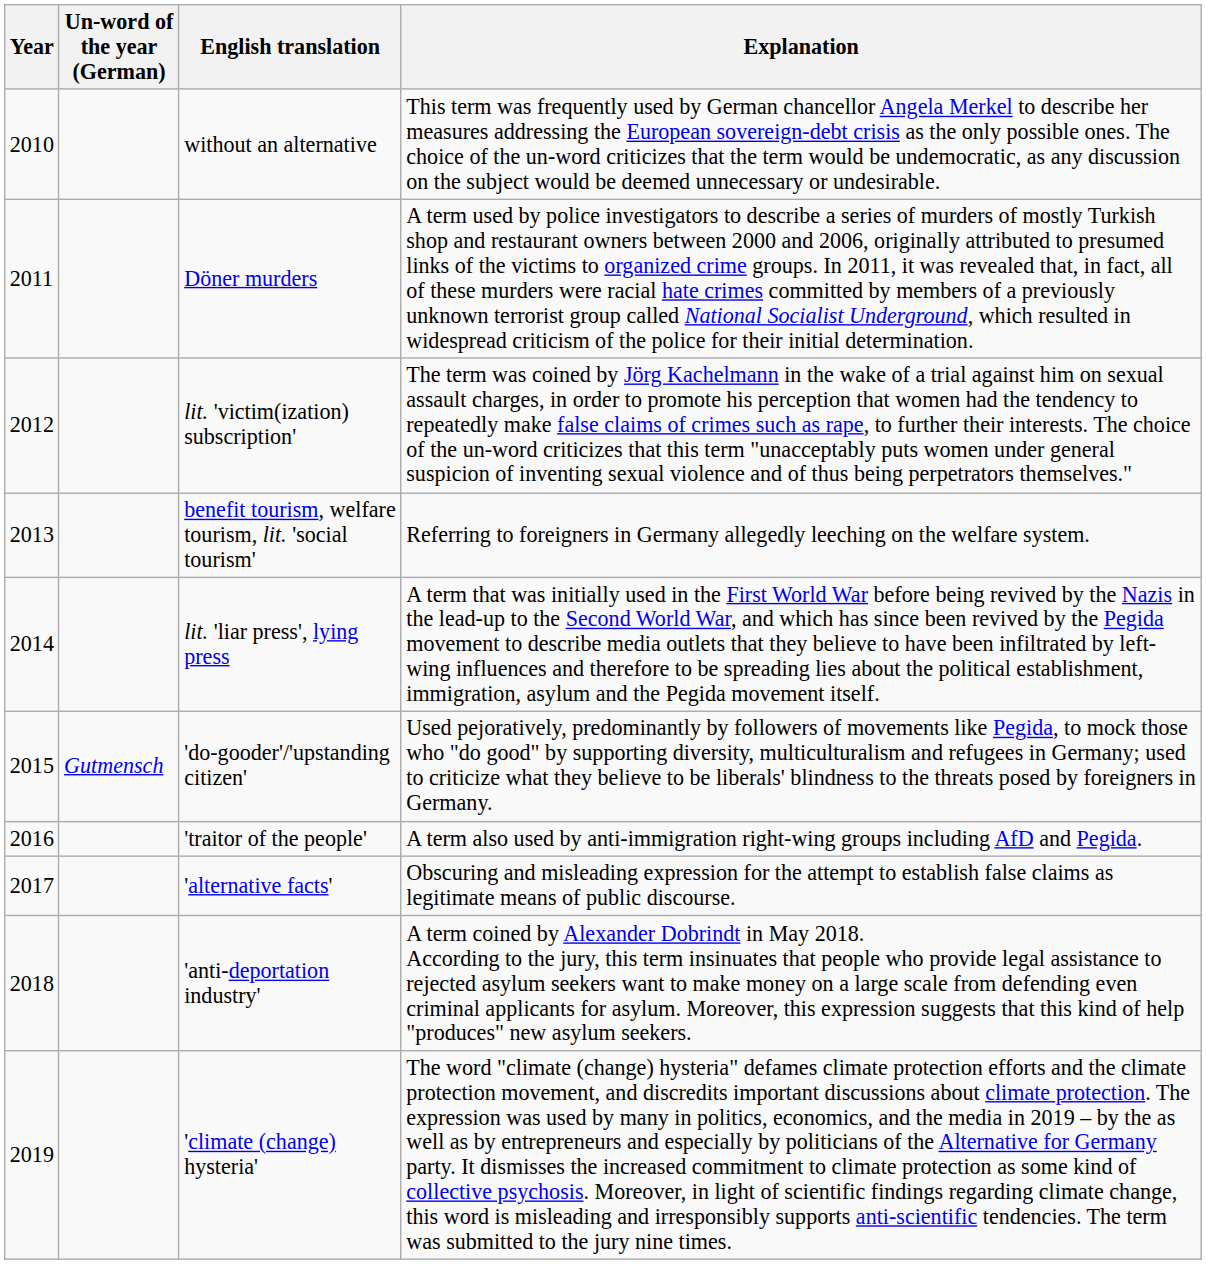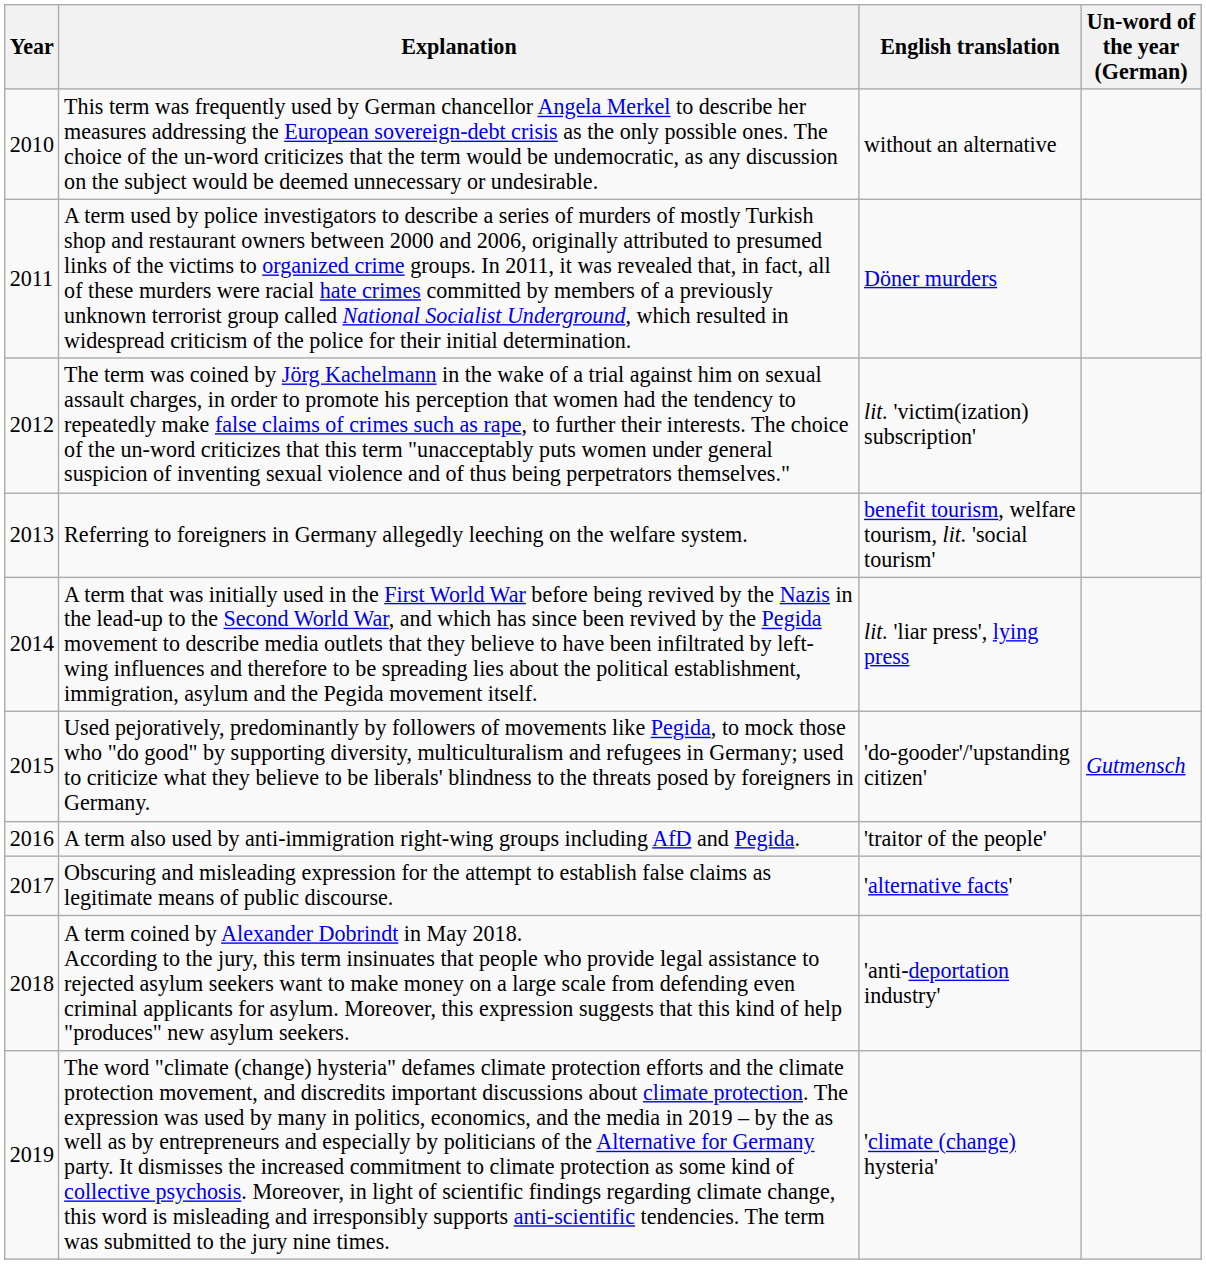 <table class="wikitable">
 <tr>
 <th>Year</th>
+<th>Explanation</th>
+<th>English translation</th>
 <th>Un-word of the year<br>(German)</th>
-<th>English translation</th>
-<th>Explanation</th>
 </tr>
 <tr>
 <td>2010</td>
+<td>This term was frequently used by German chancellor <a href='#'>Angela Merkel</a> to describe her measures addressing the <a href='#'>European sovereign-debt crisis</a> as the only possible ones. The choice of the un-word criticizes that the term would be undemocratic, as any discussion on the subject would be deemed unnecessary or undesirable. </td>
+<td>without an alternative</td>
 <td></td>
-<td>without an alternative</td>
-<td>This term was frequently used by German chancellor <a href='#'>Angela Merkel</a> to describe her measures addressing the <a href='#'>European sovereign-debt crisis</a> as the only possible ones. The choice of the un-word criticizes that the term would be undemocratic, as any discussion on the subject would be deemed unnecessary or undesirable. </td>
 </tr>
 <tr>
 <td>2011</td>
+<td>A term used by police investigators to describe a series of murders of mostly Turkish shop and restaurant owners between 2000 and 2006, originally attributed to presumed links of the victims to <a href='#'>organized crime</a> groups. In 2011, it was revealed that, in fact, all of these murders were racial <a href='#'>hate crimes</a> committed by members of a previously unknown terrorist group called <em><a href='#'>National Socialist Underground</a></em>, which resulted in widespread criticism of the police for their initial determination.</td>
+<td><a href='#'>Döner murders</a></td>
 <td></td>
-<td><a href='#'>Döner murders</a></td>
-<td>A term used by police investigators to describe a series of murders of mostly Turkish shop and restaurant owners between 2000 and 2006, originally attributed to presumed links of the victims to <a href='#'>organized crime</a> groups. In 2011, it was revealed that, in fact, all of these murders were racial <a href='#'>hate crimes</a> committed by members of a previously unknown terrorist group called <em><a href='#'>National Socialist Underground</a></em>, which resulted in widespread criticism of the police for their initial determination.</td>
 </tr>
 <tr>
 <td>2012</td>
+<td>The term was coined by <a href='#'>Jörg Kachelmann</a> in the wake of a trial against him on sexual assault charges, in order to promote his perception that women had the tendency to repeatedly make <a href='#'>false claims of crimes such as rape</a>, to further their interests. The choice of the un-word criticizes that this term "unacceptably puts women under general suspicion of inventing sexual violence and of thus being perpetrators themselves."</td>
+<td><em>lit.</em> 'victim(ization) subscription'</td>
 <td></td>
-<td><em>lit.</em> 'victim(ization) subscription'</td>
-<td>The term was coined by <a href='#'>Jörg Kachelmann</a> in the wake of a trial against him on sexual assault charges, in order to promote his perception that women had the tendency to repeatedly make <a href='#'>false claims of crimes such as rape</a>, to further their interests. The choice of the un-word criticizes that this term "unacceptably puts women under general suspicion of inventing sexual violence and of thus being perpetrators themselves."</td>
 </tr>
 <tr>
 <td>2013</td>
+<td>Referring to foreigners in Germany allegedly leeching on the welfare system.</td>
+<td><a href='#'>benefit tourism</a>, welfare tourism, <em>lit.</em> 'social tourism'</td>
 <td></td>
-<td><a href='#'>benefit tourism</a>, welfare tourism, <em>lit.</em> 'social tourism'</td>
-<td>Referring to foreigners in Germany allegedly leeching on the welfare system.</td>
 </tr>
 <tr>
 <td>2014</td>
+<td>A term that was initially used in the <a href='#'>First World War</a> before being revived by the <a href='#'>Nazis</a> in the lead-up to the <a href='#'>Second World War</a>, and which has since been revived by the <a href='#'>Pegida</a> movement to describe media outlets that they believe to have been infiltrated by left-wing influences and therefore to be spreading lies about the political establishment, immigration, asylum and the Pegida movement itself.</td>
+<td><em>lit.</em> 'liar press', <a href='#'>lying press</a></td>
 <td></td>
-<td><em>lit.</em> 'liar press', <a href='#'>lying press</a></td>
-<td>A term that was initially used in the <a href='#'>First World War</a> before being revived by the <a href='#'>Nazis</a> in the lead-up to the <a href='#'>Second World War</a>, and which has since been revived by the <a href='#'>Pegida</a> movement to describe media outlets that they believe to have been infiltrated by left-wing influences and therefore to be spreading lies about the political establishment, immigration, asylum and the Pegida movement itself.</td>
 </tr>
 <tr>
 <td>2015</td>
+<td>Used pejoratively, predominantly by followers of movements like <a href='#'>Pegida</a>, to mock those who "do good" by supporting diversity, multiculturalism and refugees in Germany; used to criticize what they believe to be liberals' blindness to the threats posed by foreigners in Germany.</td>
+<td>'do-gooder'/'upstanding citizen'</td>
 <td><em><a href='#'>Gutmensch</a></em></td>
-<td>'do-gooder'/'upstanding citizen'</td>
-<td>Used pejoratively, predominantly by followers of movements like <a href='#'>Pegida</a>, to mock those who "do good" by supporting diversity, multiculturalism and refugees in Germany; used to criticize what they believe to be liberals' blindness to the threats posed by foreigners in Germany.</td>
 </tr>
 <tr>
 <td>2016</td>
+<td>A term also used by anti-immigration right-wing groups including <a href='#'>AfD</a> and <a href='#'>Pegida</a>.</td>
+<td>'traitor of the people'</td>
 <td></td>
-<td>'traitor of the people'</td>
-<td>A term also used by anti-immigration right-wing groups including <a href='#'>AfD</a> and <a href='#'>Pegida</a>.</td>
 </tr>
 <tr>
 <td>2017</td>
+<td>Obscuring and misleading expression for the attempt to establish false claims as legitimate means of public discourse.</td>
+<td>'<a href='#'>alternative facts</a>'</td>
 <td></td>
-<td>'<a href='#'>alternative facts</a>'</td>
-<td>Obscuring and misleading expression for the attempt to establish false claims as legitimate means of public discourse.</td>
 </tr>
 <tr>
 <td>2018</td>
+<td>A term coined by <a href='#'>Alexander Dobrindt</a> in May 2018.<br>According to the jury, this term insinuates that people who provide legal assistance to rejected asylum seekers want to make money on a large scale from defending even criminal applicants for asylum.  Moreover, this expression suggests that this kind of help "produces" new asylum seekers.</td>
+<td>'anti-<a href='#'>deportation</a> industry'</td>
 <td></td>
-<td>'anti-<a href='#'>deportation</a> industry'</td>
-<td>A term coined by <a href='#'>Alexander Dobrindt</a> in May 2018.<br>According to the jury, this term insinuates that people who provide legal assistance to rejected asylum seekers want to make money on a large scale from defending even criminal applicants for asylum.  Moreover, this expression suggests that this kind of help "produces" new asylum seekers.</td>
 </tr>
 <tr>
 <td>2019</td>
+<td>The word "climate (change) hysteria" defames climate protection efforts and the climate protection movement, and discredits important discussions about <a href='#'>climate protection</a>. The expression was used by many in politics, economics, and the media in 2019 – by the  as well as by entrepreneurs and especially by politicians of the <a href='#'>Alternative for Germany</a> party. It dismisses the increased commitment to climate protection as some kind of <a href='#'>collective psychosis</a>. Moreover, in light of scientific findings regarding climate change, this word is misleading and irresponsibly supports <a href='#'>anti-scientific</a> tendencies. The term was submitted to the jury nine times.</td>
+<td>'<a href='#'>climate (change)</a> hysteria'</td>
 <td></td>
-<td>'<a href='#'>climate (change)</a> hysteria'</td>
-<td>The word "climate (change) hysteria" defames climate protection efforts and the climate protection movement, and discredits important discussions about <a href='#'>climate protection</a>. The expression was used by many in politics, economics, and the media in 2019 – by the  as well as by entrepreneurs and especially by politicians of the <a href='#'>Alternative for Germany</a> party. It dismisses the increased commitment to climate protection as some kind of <a href='#'>collective psychosis</a>. Moreover, in light of scientific findings regarding climate change, this word is misleading and irresponsibly supports <a href='#'>anti-scientific</a> tendencies. The term was submitted to the jury nine times.</td>
 </tr>
 </table>
